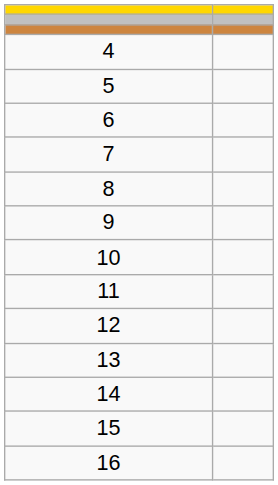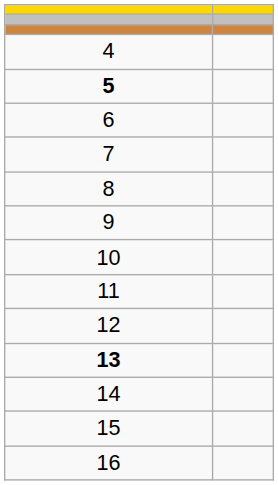 <table class="wikitable" style="width:200px;">
 <tr style="background:gold;">
 <td align=center></td>
 <td></td>
 </tr>
 <tr style="background:silver;">
 <td align=center></td>
 <td></td>
 </tr>
 <tr style="background:peru;">
 <td align=center></td>
 <td></td>
 </tr>
 <tr>
 <td align=center>4</td>
 <td></td>
 </tr>
 <tr>
-<td align=center>5</td>
+<td align=center><strong>5</strong></td>
 <td></td>
 </tr>
 <tr>
 <td align=center>6</td>
 <td></td>
 </tr>
 <tr>
 <td align=center>7</td>
 <td></td>
 </tr>
 <tr>
 <td align=center>8</td>
 <td></td>
 </tr>
 <tr>
 <td align=center>9</td>
 <td></td>
 </tr>
 <tr>
 <td align=center>10</td>
 <td></td>
 </tr>
 <tr>
 <td align=center>11</td>
 <td></td>
 </tr>
 <tr>
 <td align=center>12</td>
 <td></td>
 </tr>
 <tr>
-<td align=center>13</td>
+<td align=center><strong>13</strong></td>
 <td></td>
 </tr>
 <tr>
 <td align=center>14</td>
 <td></td>
 </tr>
 <tr>
 <td align=center>15</td>
 <td></td>
 </tr>
 <tr>
 <td align=center>16</td>
 <td></td>
 </tr>
 </table>
